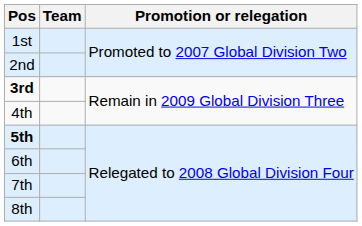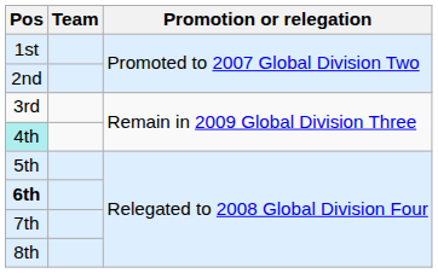 <table class="wikitable">
 <tr>
 <th>Pos</th>
 <th>Team</th>
 <th>Promotion or relegation</th>
 </tr>
 <tr style="background:#ddeeff">
 <td align="center">1st</td>
 <td></td>
 <td rowspan=2>Promoted to <a href='#'>2007 Global Division Two</a></td>
 </tr>
 <tr style="background:#ddeeff">
 <td align="center">2nd</td>
 <td></td>
 </tr>
 <tr>
-<td align="center"><strong>3rd</strong></td>
+<td align="center">3rd</td>
 <td></td>
 <td rowspan=2>Remain in <a href='#'>2009 Global Division Three</a></td>
 </tr>
 <tr>
-<td align="center">4th</td>
+<td align="center" style="background: paleturquoise;">4th</td>
 <td></td>
 </tr>
 <tr style="background:#ddeeff">
-<td align="center"><strong>5th</strong></td>
+<td align="center">5th</td>
 <td></td>
 <td rowspan=4>Relegated to <a href='#'>2008 Global Division Four</a></td>
 </tr>
 <tr style="background:#ddeeff">
-<td align="center">6th</td>
+<td align="center"><strong>6th</strong></td>
 <td></td>
 </tr>
 <tr style="background:#ddeeff">
 <td align="center">7th</td>
 <td></td>
 </tr>
 <tr style="background:#ddeeff">
 <td align="center">8th</td>
 <td></td>
 </tr>
 </table>
